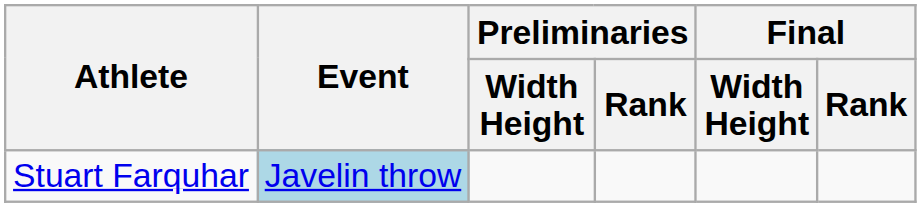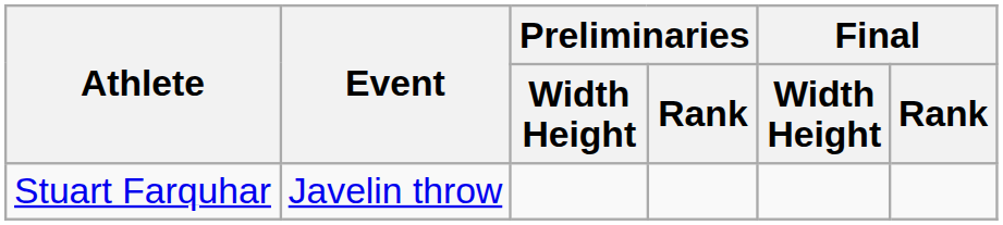 <table class=wikitable style="font-size:90%;">
 <tr>
 <th rowspan="2">Athlete</th>
 <th rowspan="2">Event</th>
 <th colspan="2">Preliminaries</th>
 <th colspan="2">Final</th>
 </tr>
 <tr>
 <th>Width<br>Height</th>
 <th>Rank</th>
 <th>Width<br>Height</th>
 <th>Rank</th>
 </tr>
 <tr style="border-top: single;">
 <td><a href='#'>Stuart Farquhar</a></td>
-<td style="background: lightblue;"><a href='#'>Javelin throw</a></td>
+<td><a href='#'>Javelin throw</a></td>
 <td align=center></td>
 <td align=center></td>
 <td align=center></td>
 <td align=center></td>
 </tr>
 </table>
